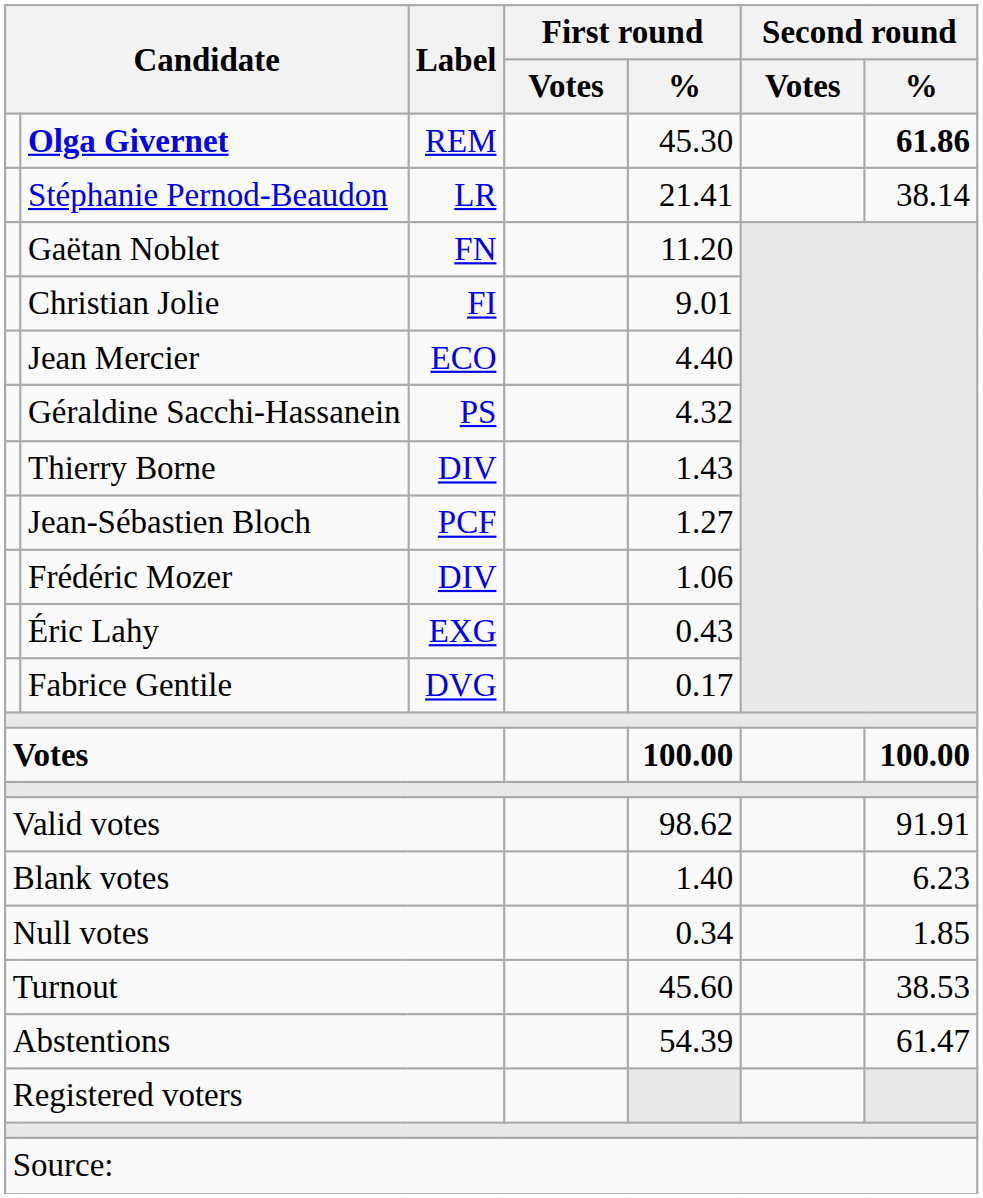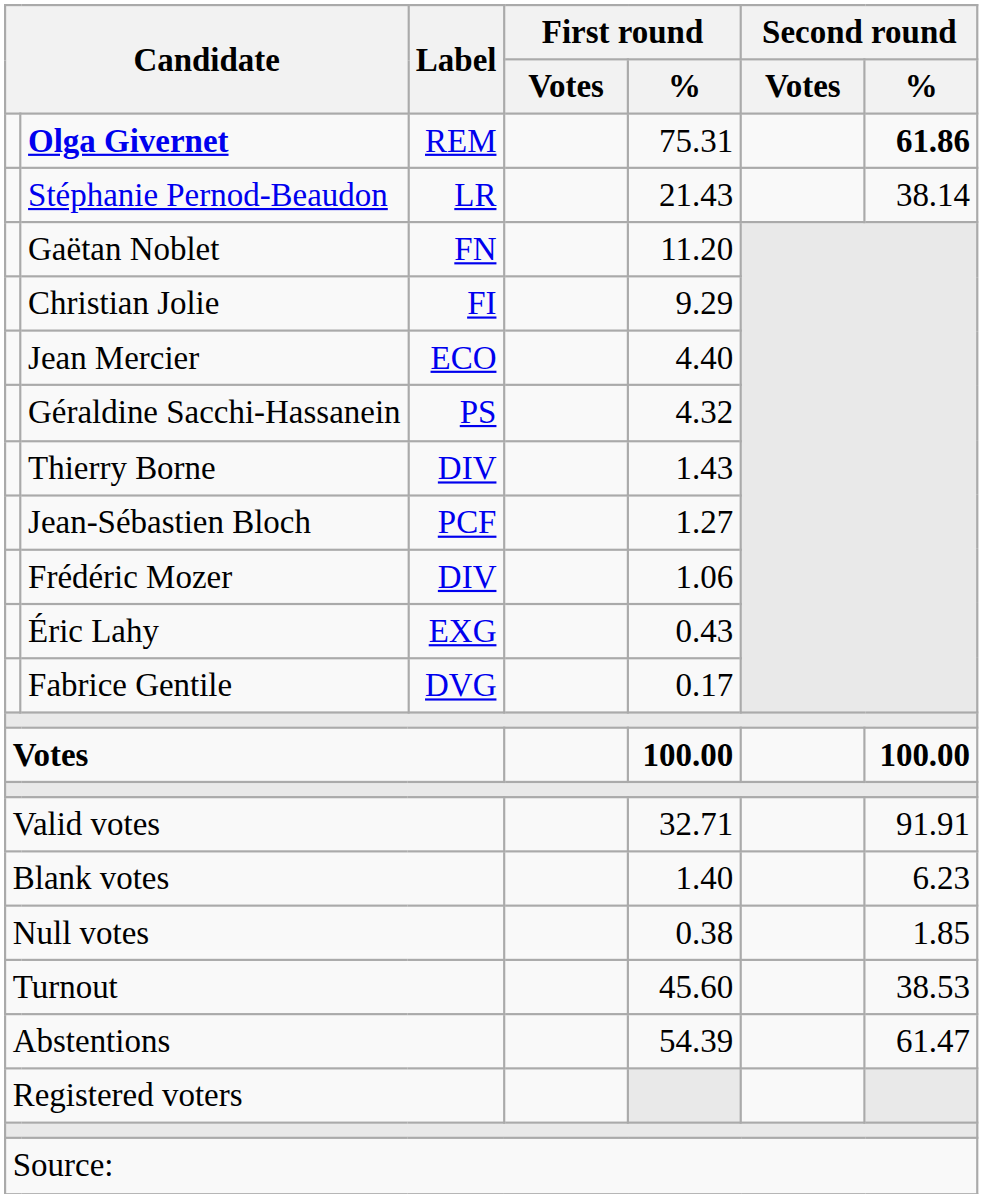 <table class="wikitable" style="text-align:right;font-size:95%;">
 <tr>
 <th colspan="2" rowspan="2">Candidate</th>
 <th rowspan="2">Label</th>
 <th colspan="2">First round</th>
 <th colspan="2">Second round</th>
 </tr>
 <tr>
 <th style="width:50px;">Votes</th>
 <th style="width:45px;">%</th>
 <th style="width:50px;">Votes</th>
 <th style="width:45px;">%</th>
 </tr>
 <tr>
 <td style="color:inherit;background:"></td>
 <td style="text-align:left;"><strong><a href='#'>Olga Givernet</a></strong></td>
 <td><a href='#'>REM</a></td>
 <td></td>
-<td>45.30</td>
+<td>75.31</td>
 <td><strong></strong></td>
 <td><strong>61.86</strong></td>
 </tr>
 <tr>
 <td style="color:inherit;background:"></td>
 <td style="text-align:left;"><a href='#'>Stéphanie Pernod-Beaudon</a></td>
 <td><a href='#'>LR</a></td>
 <td></td>
-<td>21.41</td>
+<td>21.43</td>
 <td></td>
 <td>38.14</td>
 </tr>
 <tr>
 <td style="color:inherit;background:"></td>
 <td style="text-align:left;">Gaëtan Noblet</td>
 <td><a href='#'>FN</a></td>
 <td></td>
 <td>11.20</td>
 <td colspan="2" rowspan="9" style="background:#E9E9E9;"></td>
 </tr>
 <tr>
 <td style="color:inherit;background:"></td>
 <td style="text-align:left;">Christian Jolie</td>
 <td><a href='#'>FI</a></td>
 <td></td>
-<td>9.01</td>
+<td>9.29</td>
 </tr>
 <tr>
 <td style="color:inherit;background:"></td>
 <td style="text-align:left;">Jean Mercier</td>
 <td><a href='#'>ECO</a></td>
 <td></td>
 <td>4.40</td>
 </tr>
 <tr>
 <td style="color:inherit;background:"></td>
 <td style="text-align:left;">Géraldine Sacchi-Hassanein</td>
 <td><a href='#'>PS</a></td>
 <td></td>
 <td>4.32</td>
 </tr>
 <tr>
 <td style="color:inherit;background:"></td>
 <td style="text-align:left;">Thierry Borne</td>
 <td><a href='#'>DIV</a></td>
 <td></td>
 <td>1.43</td>
 </tr>
 <tr>
 <td style="color:inherit;background:"></td>
 <td style="text-align:left;">Jean-Sébastien Bloch</td>
 <td><a href='#'>PCF</a></td>
 <td></td>
 <td>1.27</td>
 </tr>
 <tr>
 <td style="color:inherit;background:"></td>
 <td style="text-align:left;">Frédéric Mozer</td>
 <td><a href='#'>DIV</a></td>
 <td></td>
 <td>1.06</td>
 </tr>
 <tr>
 <td style="color:inherit;background:"></td>
 <td style="text-align:left;">Éric Lahy</td>
 <td><a href='#'>EXG</a></td>
 <td></td>
 <td>0.43</td>
 </tr>
 <tr>
 <td style="color:inherit;background:"></td>
 <td style="text-align:left;">Fabrice Gentile</td>
 <td><a href='#'>DVG</a></td>
 <td></td>
 <td>0.17</td>
 </tr>
 <tr>
 <td colspan="7" style="background:#E9E9E9;"></td>
 </tr>
 <tr style="font-weight:bold;">
 <td colspan="3" style="text-align:left;">Votes</td>
 <td></td>
 <td>100.00</td>
 <td></td>
 <td>100.00</td>
 </tr>
 <tr>
 <td colspan="7" style="background:#E9E9E9;"></td>
 </tr>
 <tr>
 <td colspan="3" style="text-align:left;">Valid votes</td>
 <td></td>
-<td>98.62</td>
+<td>32.71</td>
 <td></td>
 <td>91.91</td>
 </tr>
 <tr>
 <td colspan="3" style="text-align:left;">Blank votes</td>
 <td></td>
 <td>1.40</td>
 <td></td>
 <td>6.23</td>
 </tr>
 <tr>
 <td colspan="3" style="text-align:left;">Null votes</td>
 <td></td>
-<td>0.34</td>
+<td>0.38</td>
 <td></td>
 <td>1.85</td>
 </tr>
 <tr>
 <td colspan="3" style="text-align:left;">Turnout</td>
 <td></td>
 <td>45.60</td>
 <td></td>
 <td>38.53</td>
 </tr>
 <tr>
 <td colspan="3" style="text-align:left;">Abstentions</td>
 <td></td>
 <td>54.39</td>
 <td></td>
 <td>61.47</td>
 </tr>
 <tr>
 <td colspan="3" style="text-align:left;">Registered voters</td>
 <td></td>
 <td style="color:inherit;background:#E9E9E9;"></td>
 <td></td>
 <td style="color:inherit;background:#E9E9E9;"></td>
 </tr>
 <tr>
 <td colspan="7" style="background:#E9E9E9;"></td>
 </tr>
 <tr>
 <td colspan="7" style="text-align:left;">Source: </td>
 </tr>
 </table>
